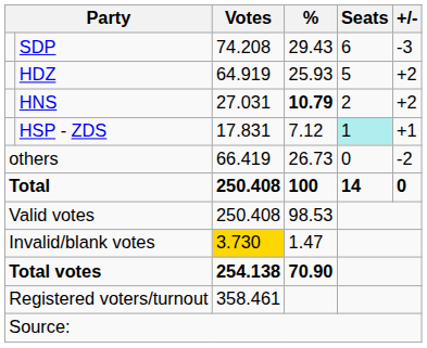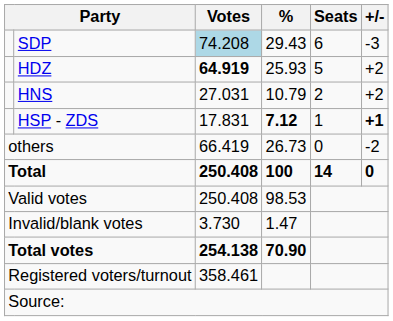 <table class="wikitable" style="text-align: left;">
 <tr>
 <th colspan="2">Party</th>
 <th>Votes</th>
 <th>%</th>
 <th>Seats</th>
 <th>+/-</th>
 </tr>
 <tr>
 <td width="2" style="background-color: "></td>
 <td><a href='#'>SDP</a></td>
-<td>74.208</td>
+<td style="background: lightblue;">74.208</td>
 <td>29.43</td>
 <td>6</td>
 <td>-3</td>
 </tr>
 <tr>
 <td style="background-color: "></td>
 <td><a href='#'>HDZ</a></td>
-<td>64.919</td>
+<td><strong>64.919</strong></td>
 <td>25.93</td>
 <td>5</td>
 <td>+2</td>
 </tr>
 <tr>
 <td style="background-color: "></td>
 <td><a href='#'>HNS</a></td>
 <td>27.031</td>
-<td><strong>10.79</strong></td>
+<td>10.79</td>
 <td>2</td>
 <td>+2</td>
 </tr>
 <tr>
 <td style="background-color: "></td>
 <td><a href='#'>HSP</a> - <a href='#'>ZDS</a></td>
 <td>17.831</td>
-<td>7.12</td>
-<td style="background: paleturquoise;">1</td>
-<td>+1</td>
+<td><strong>7.12</strong></td>
+<td>1</td>
+<td><strong>+1</strong></td>
 </tr>
 <tr>
 <td colspan="2">others</td>
 <td>66.419</td>
 <td>26.73</td>
 <td>0</td>
 <td>-2</td>
 </tr>
 <tr>
 <td colspan="2"><strong>Total</strong></td>
 <td><strong>250.408</strong></td>
 <td><strong>100</strong></td>
 <td><strong>14</strong></td>
 <td><strong>0</strong></td>
 </tr>
 <tr>
 <td colspan="2">Valid votes</td>
 <td>250.408</td>
 <td>98.53</td>
 <td colspan="2"></td>
 </tr>
 <tr>
 <td colspan="2">Invalid/blank votes</td>
-<td style="background: gold;">3.730</td>
+<td>3.730</td>
 <td>1.47</td>
 <td colspan="2"></td>
 </tr>
 <tr>
 <td colspan="2"><strong>Total votes</strong></td>
 <td><strong>254.138</strong></td>
 <td><strong>70.90</strong></td>
 <td colspan="2"></td>
 </tr>
 <tr>
 <td colspan="2">Registered voters/turnout</td>
 <td votes14="5343">358.461</td>
 <td></td>
 <td colspan="2"></td>
 </tr>
 <tr>
 <td colspan="6">Source: </td>
 </tr>
 </table>
